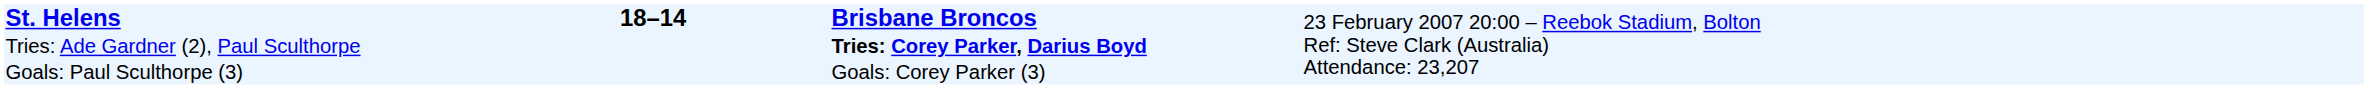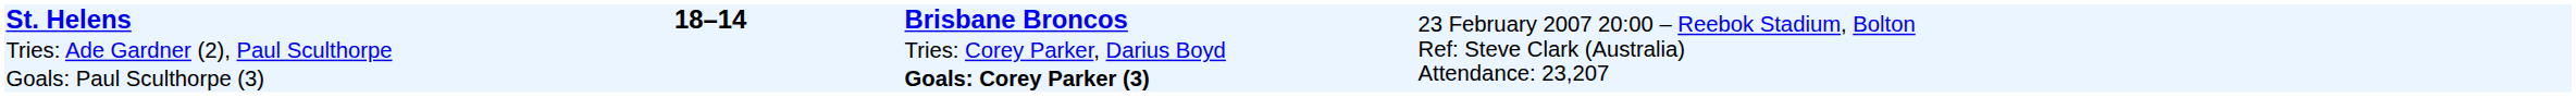 <table cellspacing=0 width=100% style=background:#EBF5FF>
 <tr>
 <td width="20%" align="left"><strong><a href='#'>St. Helens</a></strong></td>
 <td align="center" width=15%><strong>18–14</strong></td>
 <td width="20%" align="left"><strong><a href='#'>Brisbane Broncos</a></strong></td>
 <td style=font-size:85% rowspan=3>23 February 2007 20:00 – <a href='#'>Reebok Stadium</a>, <a href='#'>Bolton</a><br>Ref: Steve Clark (Australia)<br>Attendance: 23,207</td>
 </tr>
 <tr style=font-size:85%>
 <td align="left">Tries: <a href='#'>Ade Gardner</a> (2), <a href='#'>Paul Sculthorpe</a></td>
 <td></td>
-<td><strong>Tries: <a href='#'>Corey Parker</a>, <a href='#'>Darius Boyd</a></strong></td>
+<td>Tries: <a href='#'>Corey Parker</a>, <a href='#'>Darius Boyd</a></td>
 </tr>
 <tr style=font-size:85%>
 <td align="left">Goals: Paul Sculthorpe (3)</td>
 <td></td>
-<td align="left">Goals: Corey Parker (3)</td>
+<td align="left"><strong>Goals: Corey Parker (3)</strong></td>
 </tr>
 </table>
